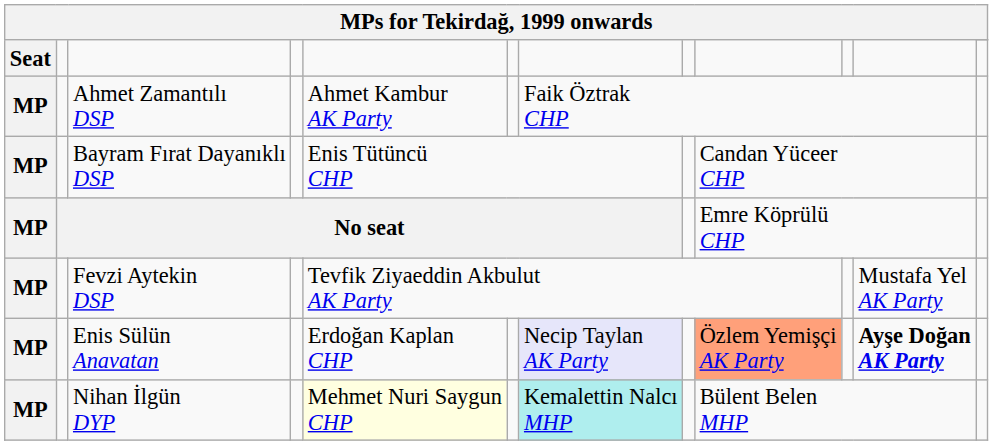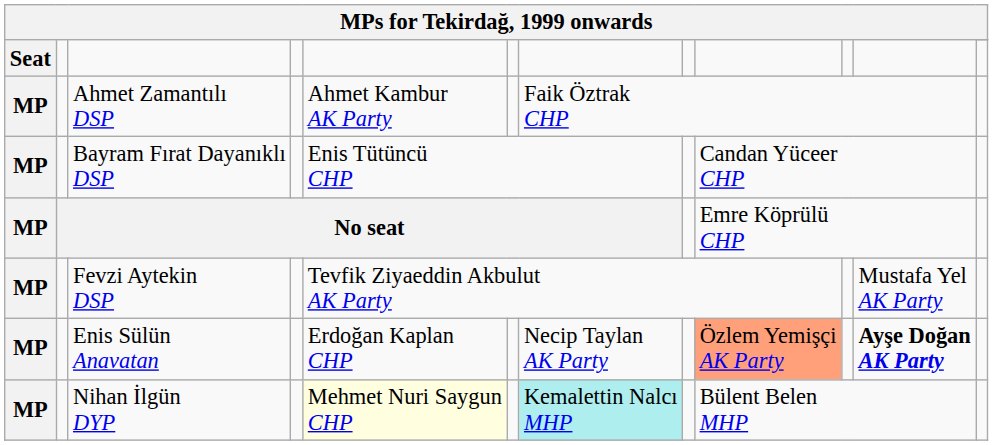 <table class="wikitable">
 <tr>
 <th colspan = 12>MPs for Tekirdağ, 1999 onwards</th>
 </tr>
 <tr>
 <th rowspan = 2>Seat</th>
 <td rowspan="2" style="width:1px;"></td>
 <td rowspan = 2></td>
 <td rowspan="2" style="width:1px;"></td>
 <td rowspan = 2></td>
 <td rowspan="2" style="width:1px;"></td>
 <td rowspan = 2></td>
 <td rowspan="2" style="width:1px;"></td>
 <td rowspan = 2></td>
 <td rowspan="2" style="width:1px;"></td>
 <td rowspan = 2></td>
 </tr>
 <tr>
 <td></td>
 </tr>
 <tr>
 <th>MP</th>
 <td width=1px style="background-color: "></td>
 <td colspan = 1>Ahmet Zamantılı<br><em><a href='#'>DSP</a></em></td>
 <td width=1px style="background-color: "></td>
 <td colspan = 1>Ahmet Kambur<br><em><a href='#'>AK Party</a></em></td>
 <td width=1px style="background-color: "></td>
 <td colspan = 5>Faik Öztrak<br><em><a href='#'>CHP</a></em></td>
 <td width=1px style="background-color: "></td>
 </tr>
 <tr>
 <th>MP</th>
 <td width=1px style="background-color: "></td>
 <td colspan = 1>Bayram Fırat Dayanıklı<br><em><a href='#'>DSP</a></em></td>
 <td width=1px style="background-color: "></td>
 <td colspan = 3>Enis Tütüncü<br><em><a href='#'>CHP</a></em></td>
 <td width=1px style="background-color: "></td>
 <td colspan = 3>Candan Yüceer<br><em><a href='#'>CHP</a></em></td>
 <td width=1px style="background-color: "></td>
 </tr>
 <tr>
 <th>MP</th>
 <th colspan = 6>No seat</th>
 <td width=1px style="background-color: "></td>
 <td colspan = 3>Emre Köprülü<br><em><a href='#'>CHP</a></em></td>
 <td width=1px style="background-color: "></td>
 </tr>
 <tr>
 <th>MP</th>
 <td width=1px style="background-color: "></td>
 <td colspan = 1>Fevzi Aytekin<br><em><a href='#'>DSP</a></em></td>
 <td width=1px style="background-color: "></td>
 <td colspan = 5>Tevfik Ziyaeddin Akbulut<br><em><a href='#'>AK Party</a></em></td>
 <td width=1px style="background-color: "></td>
 <td colspan = 1>Mustafa Yel<br><em><a href='#'>AK Party</a></em></td>
 <td width=1px style="background-color: "></td>
 </tr>
 <tr>
 <th>MP</th>
 <td width=1px style="background-color: "></td>
 <td colspan = 1>Enis Sülün<br><em><a href='#'>Anavatan</a></em></td>
 <td width=1px style="background-color: "></td>
 <td colspan = 1>Erdoğan Kaplan<br><em><a href='#'>CHP</a></em></td>
 <td width=1px style="background-color: "></td>
-<td colspan = 1 style="background: lavender;">Necip Taylan<br><em><a href='#'>AK Party</a></em></td>
+<td colspan = 1>Necip Taylan<br><em><a href='#'>AK Party</a></em></td>
 <td width=1px style="background-color: "></td>
 <td colspan = 1 style="background: lightsalmon;">Özlem Yemişçi<br><em><a href='#'>AK Party</a></em></td>
 <td width=1px style="background-color: "></td>
 <td colspan = 1><strong>Ayşe Doğan<br><em><a href='#'>AK Party</a></em></strong></td>
 <td width=1px style="background-color: "></td>
 </tr>
 <tr>
 <th>MP</th>
 <td width=1px style="background-color: "></td>
 <td colspan = 1>Nihan İlgün<br><em><a href='#'>DYP</a></em></td>
 <td width=1px style="background-color: "></td>
 <td colspan = 1 style="background: lightyellow;">Mehmet Nuri Saygun<br><em><a href='#'>CHP</a></em></td>
 <td width=1px style="background-color: "></td>
 <td colspan = 1 style="background: paleturquoise;">Kemalettin Nalcı<br><em><a href='#'>MHP</a></em></td>
 <td width=1px style="background-color: "></td>
 <td colspan = 3>Bülent Belen<br><em><a href='#'>MHP</a></em></td>
 <td width=1px style="background-color: "></td>
 </tr>
 </table>
